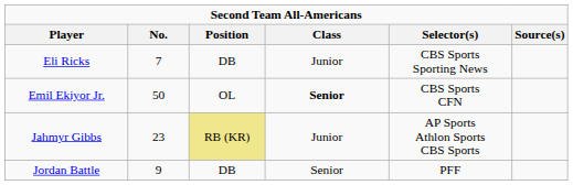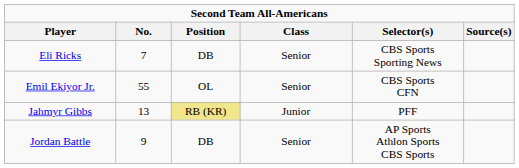 <table class="wikitable" style="text-align:center">
 <tr>
 <td colspan="6" style="text-align:center; "><strong>Second Team All-Americans</strong></td>
 </tr>
 <tr>
 <th style="width:150px; ">Player</th>
 <th style="width:70px; ">No.</th>
 <th style="width:90px; ">Position</th>
 <th style="width:150px; ">Class</th>
 <th style="width:150px; ">Selector(s)</th>
 <th style="width:10px; ">Source(s)</th>
 </tr>
 <tr>
 <td><a href='#'>Eli Ricks</a></td>
 <td>7</td>
 <td>DB</td>
-<td>Junior</td>
+<td>Senior</td>
 <td>CBS Sports <br> Sporting News</td>
 <td></td>
 </tr>
 <tr>
 <td><a href='#'>Emil Ekiyor Jr.</a></td>
-<td>50</td>
+<td>55</td>
 <td>OL</td>
-<td><strong> Senior</strong></td>
+<td> Senior</td>
 <td>CBS Sports <br> CFN</td>
 <td></td>
 </tr>
 <tr>
 <td><a href='#'>Jahmyr Gibbs</a></td>
-<td>23</td>
+<td>13</td>
 <td style="background: khaki;">RB (KR)</td>
 <td>Junior</td>
-<td>AP Sports <br> Athlon Sports <br> CBS Sports</td>
+<td>PFF</td>
 <td></td>
 </tr>
 <tr>
 <td><a href='#'>Jordan Battle</a></td>
 <td>9</td>
 <td>DB</td>
 <td>Senior</td>
-<td>PFF</td>
+<td>AP Sports <br> Athlon Sports <br> CBS Sports</td>
 <td></td>
 </tr>
 </table>
